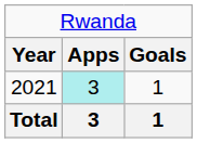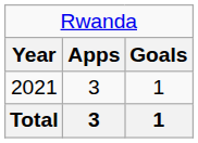 <table class="wikitable" style="text-align:center">
 <tr>
 <td colspan="3"><a href='#'>Rwanda</a></td>
 </tr>
 <tr>
 <th>Year</th>
 <th>Apps</th>
 <th>Goals</th>
 </tr>
 <tr>
 <td>2021</td>
-<td style="background: paleturquoise;">3</td>
+<td>3</td>
 <td>1</td>
 </tr>
 <tr>
 <th>Total</th>
 <th>3</th>
 <th>1</th>
 </tr>
 </table>
